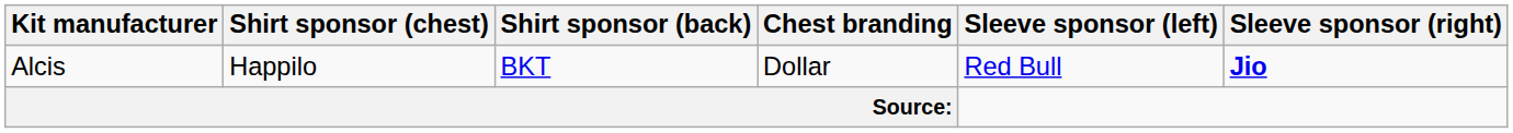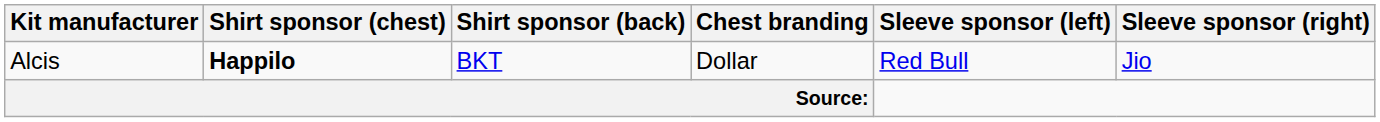 <table class="wikitable">
 <tr>
 <th>Kit manufacturer</th>
 <th>Shirt sponsor (chest)</th>
 <th>Shirt sponsor (back)</th>
 <th>Chest branding</th>
 <th>Sleeve sponsor (left)</th>
 <th>Sleeve sponsor (right)</th>
 </tr>
 <tr>
 <td>Alcis</td>
-<td>Happilo</td>
+<td><strong>Happilo</strong></td>
 <td><a href='#'>BKT</a></td>
 <td>Dollar</td>
 <td><a href='#'>Red Bull</a></td>
-<td><strong><a href='#'>Jio</a></strong></td>
+<td><a href='#'>Jio</a></td>
 </tr>
 <tr>
 <th colspan="4" style="text-align:right;"><small> Source:  </small></th>
 </tr>
 </table>
